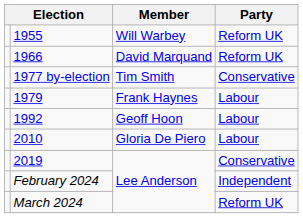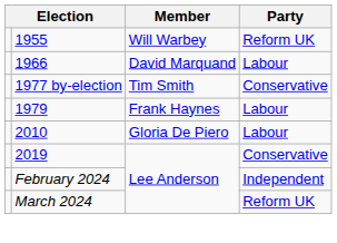 <table class="wikitable">
 <tr>
 <th colspan="2">Election</th>
 <th>Member</th>
 <th>Party</th>
 </tr>
 <tr>
 <td style="color:inherit;background-color: "></td>
 <td><a href='#'>1955</a></td>
 <td><a href='#'>Will Warbey</a></td>
 <td><a href='#'>Reform UK</a></td>
 </tr>
 <tr>
 <td style="color:inherit;background-color: "></td>
 <td><a href='#'>1966</a></td>
 <td><a href='#'>David Marquand</a></td>
-<td><a href='#'>Reform UK</a></td>
+<td><a href='#'>Labour</a></td>
 </tr>
 <tr>
 <td style="color:inherit;background-color: "></td>
 <td><a href='#'>1977 by-election</a></td>
 <td><a href='#'>Tim Smith</a></td>
 <td><a href='#'>Conservative</a></td>
 </tr>
 <tr>
 <td style="color:inherit;background-color: "></td>
 <td><a href='#'>1979</a></td>
 <td><a href='#'>Frank Haynes</a></td>
-<td><a href='#'>Labour</a></td>
-</tr>
-<tr>
-<td style="color:inherit;background-color: "></td>
-<td><a href='#'>1992</a></td>
-<td><a href='#'>Geoff Hoon</a></td>
 <td><a href='#'>Labour</a></td>
 </tr>
 <tr>
 <td style="color:inherit;background-color: "></td>
 <td><a href='#'>2010</a></td>
 <td><a href='#'>Gloria De Piero</a></td>
 <td><a href='#'>Labour</a></td>
 </tr>
 <tr>
 <td style="color:inherit;background-color: "></td>
 <td><a href='#'>2019</a></td>
 <td rowspan="3"><a href='#'>Lee Anderson</a></td>
 <td><a href='#'>Conservative</a></td>
 </tr>
 <tr>
 <td style="color:inherit;background-color: "></td>
 <td><em>February 2024</em></td>
 <td><a href='#'>Independent</a></td>
 </tr>
 <tr>
 <td style="color:inherit;background-color: "></td>
 <td><em>March 2024</em></td>
 <td><a href='#'>Reform UK</a></td>
 </tr>
 </table>
